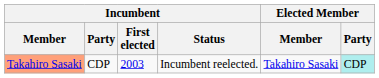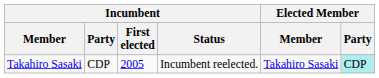 <table class="wikitable sortable">
 <tr>
 <th colspan=4>Incumbent</th>
 <th colspan=2>Elected Member</th>
 </tr>
 <tr>
 <th>Member</th>
 <th>Party</th>
 <th>First<br>elected</th>
 <th>Status</th>
 <th>Member</th>
 <th>Party</th>
 </tr>
 <tr>
-<td style="background: lightsalmon;"><a href='#'>Takahiro Sasaki</a></td>
+<td><a href='#'>Takahiro Sasaki</a></td>
 <td>CDP</td>
-<td><a href='#'>2003</a></td>
+<td><a href='#'>2005</a></td>
 <td>Incumbent reelected.</td>
 <td><a href='#'>Takahiro Sasaki</a></td>
 <td style="background: paleturquoise;">CDP</td>
 </tr>
 </table>
